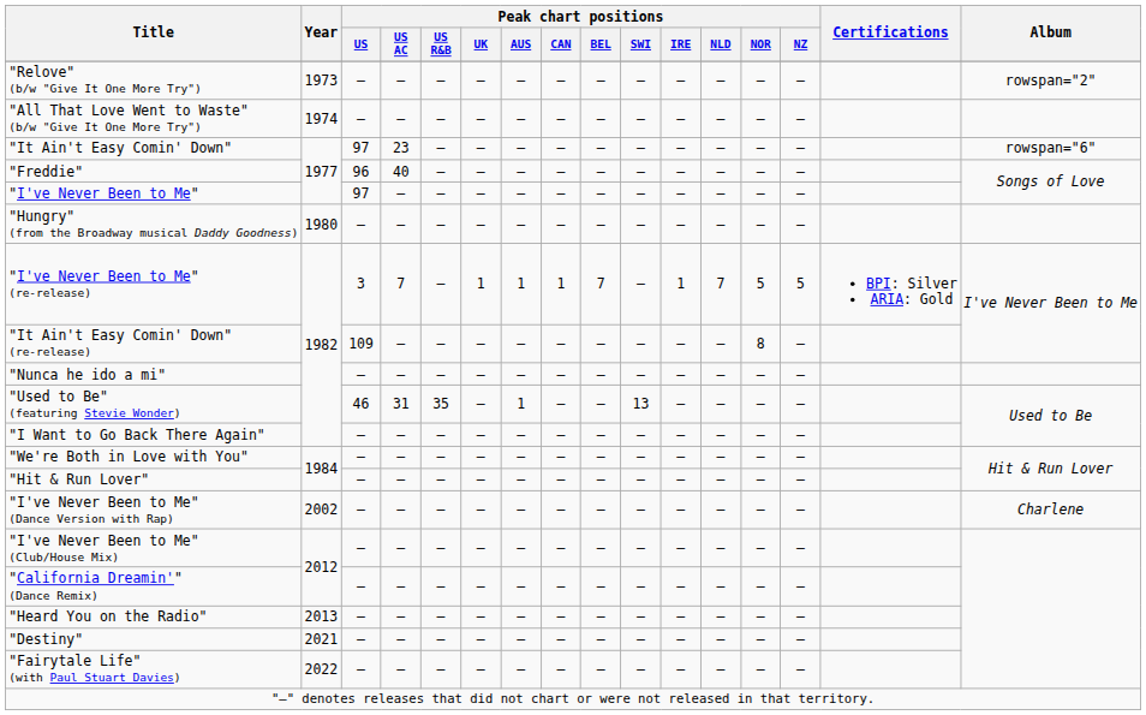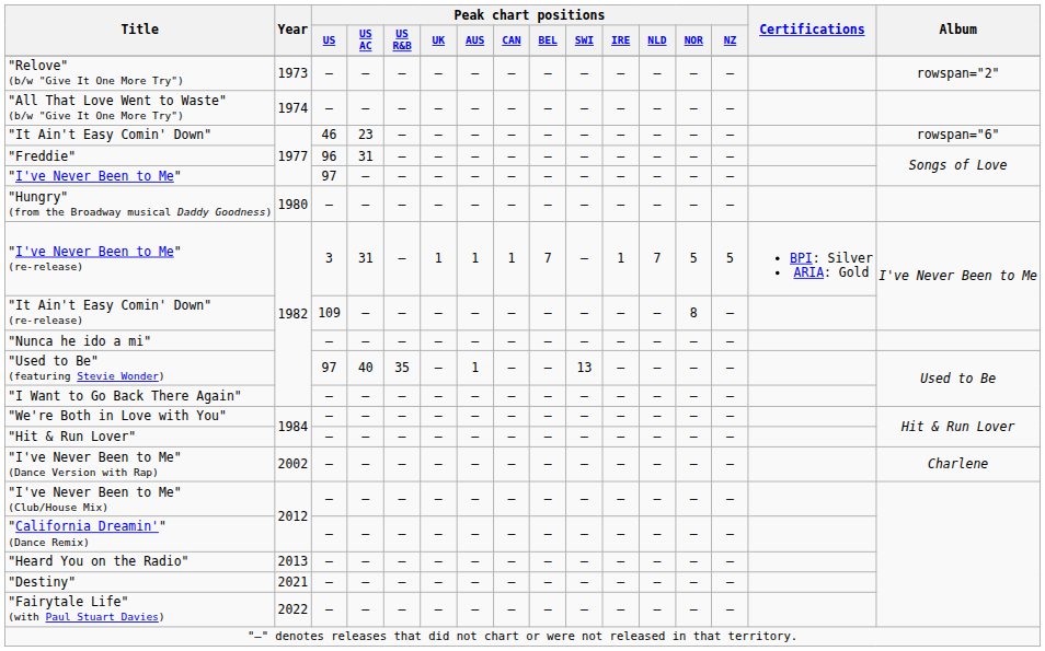 <table class="wikitable" style=text-align:center;>
 <tr>
 <th rowspan="2">Title</th>
 <th rowspan="2">Year</th>
 <th colspan="12">Peak chart positions</th>
 <th rowspan="2"><a href='#'>Certifications</a></th>
 <th rowspan="2">Album</th>
 </tr>
 <tr style="font-size:smaller;">
 <th style="width:3em;"><a href='#'>US</a><br></th>
 <th style="width:3em;"><a href='#'>US AC</a><br></th>
 <th style="width:3em;"><a href='#'>US R&B</a><br></th>
 <th style="width:3em;"><a href='#'>UK</a><br></th>
 <th style="width:3em;"><a href='#'>AUS</a><br></th>
 <th style="width:3em;"><a href='#'>CAN</a><br></th>
 <th style="width:3em;"><a href='#'>BEL</a><br></th>
 <th style="width:3em;"><a href='#'>SWI</a><br></th>
 <th style="width:3em;"><a href='#'>IRE</a><br></th>
 <th style="width:3em;"><a href='#'>NLD</a><br></th>
 <th style="width:3em;"><a href='#'>NOR</a><br></th>
 <th style="width:3em;"><a href='#'>NZ</a><br></th>
 </tr>
 <tr>
 </tr>
 <tr>
 <td align="left">"Relove"<br><small>(b/w "Give It One More Try")</small></td>
 <td>1973</td>
 <td>—</td>
 <td>—</td>
 <td>—</td>
 <td>—</td>
 <td>—</td>
 <td>—</td>
 <td>—</td>
 <td>—</td>
 <td>—</td>
 <td>—</td>
 <td>—</td>
 <td>—</td>
 <td></td>
 <td>rowspan="2" </td>
 </tr>
 <tr>
 <td align="left">"All That Love Went to Waste"<br><small>(b/w "Give It One More Try")</small></td>
 <td>1974</td>
 <td>—</td>
 <td>—</td>
 <td>—</td>
 <td>—</td>
 <td>—</td>
 <td>—</td>
 <td>—</td>
 <td>—</td>
 <td>—</td>
 <td>—</td>
 <td>—</td>
 <td>—</td>
 <td></td>
 </tr>
 <tr>
 <td align="left">"It Ain't Easy Comin' Down"</td>
 <td rowspan="3">1977</td>
-<td>97</td>
+<td>46</td>
 <td>23</td>
 <td>—</td>
 <td>—</td>
 <td>—</td>
 <td>—</td>
 <td>—</td>
 <td>—</td>
 <td>—</td>
 <td>—</td>
 <td>—</td>
 <td>—</td>
 <td></td>
 <td>rowspan="6" </td>
 </tr>
 <tr>
 <td align="left">"Freddie"</td>
 <td>96</td>
-<td>40</td>
+<td>31</td>
 <td>—</td>
 <td>—</td>
 <td>—</td>
 <td>—</td>
 <td>—</td>
 <td>—</td>
 <td>—</td>
 <td>—</td>
 <td>—</td>
 <td>—</td>
 <td></td>
 <td rowspan="2"><em>Songs of Love</em></td>
 </tr>
 <tr>
 <td align="left">"<a href='#'>I've Never Been to Me</a>"</td>
 <td>97</td>
 <td>—</td>
 <td>—</td>
 <td>—</td>
 <td>—</td>
 <td>—</td>
 <td>—</td>
 <td>—</td>
 <td>—</td>
 <td>—</td>
 <td>—</td>
 <td>—</td>
 <td></td>
 </tr>
 <tr>
 <td align="left">"Hungry"<br><small>(from the Broadway musical <em>Daddy Goodness</em>)</small></td>
 <td>1980</td>
 <td>—</td>
 <td>—</td>
 <td>—</td>
 <td>—</td>
 <td>—</td>
 <td>—</td>
 <td>—</td>
 <td>—</td>
 <td>—</td>
 <td>—</td>
 <td>—</td>
 <td>—</td>
 <td></td>
 <td></td>
 </tr>
 <tr>
 <td align="left">"<a href='#'>I've Never Been to Me</a>"<br><small>(re-release)</small></td>
 <td rowspan="5">1982</td>
 <td>3</td>
-<td>7</td>
+<td>31</td>
 <td>—</td>
 <td>1</td>
 <td>1</td>
 <td>1</td>
 <td>7</td>
 <td>—</td>
 <td>1</td>
 <td>7</td>
 <td>5</td>
 <td>5</td>
 <td><br><ul><li><a href='#'>BPI</a>: Silver</li><li><a href='#'>ARIA</a>: Gold</li></ul></td>
 <td rowspan="2"><em>I've Never Been to Me</em></td>
 </tr>
 <tr>
 <td align="left">"It Ain't Easy Comin' Down"<br><small>(re-release)</small></td>
 <td>109</td>
 <td>—</td>
 <td>—</td>
 <td>—</td>
 <td>—</td>
 <td>—</td>
 <td>—</td>
 <td>—</td>
 <td>—</td>
 <td>—</td>
 <td>8</td>
 <td>—</td>
 <td></td>
 </tr>
 <tr>
 <td align="left">"Nunca he ido a mi"</td>
 <td>—</td>
 <td>—</td>
 <td>—</td>
 <td>—</td>
 <td>—</td>
 <td>—</td>
 <td>—</td>
 <td>—</td>
 <td>—</td>
 <td>—</td>
 <td>—</td>
 <td>—</td>
 <td></td>
 <td></td>
 </tr>
 <tr>
 <td align="left">"Used to Be"<br><small>(featuring <a href='#'>Stevie Wonder</a>)</small></td>
-<td>46</td>
-<td>31</td>
+<td>97</td>
+<td>40</td>
 <td>35</td>
 <td>—</td>
 <td>1</td>
 <td>—</td>
 <td>—</td>
 <td>13</td>
 <td>—</td>
 <td>—</td>
 <td>—</td>
 <td>—</td>
 <td></td>
 <td rowspan="2"><em>Used to Be</em></td>
 </tr>
 <tr>
 <td align="left">"I Want to Go Back There Again"</td>
 <td>—</td>
 <td>—</td>
 <td>—</td>
 <td>—</td>
 <td>—</td>
 <td>—</td>
 <td>—</td>
 <td>—</td>
 <td>—</td>
 <td>—</td>
 <td>—</td>
 <td>—</td>
 <td></td>
 </tr>
 <tr>
 <td align="left">"We're Both in Love with You"</td>
 <td rowspan="2">1984</td>
 <td>—</td>
 <td>—</td>
 <td>—</td>
 <td>—</td>
 <td>—</td>
 <td>—</td>
 <td>—</td>
 <td>—</td>
 <td>—</td>
 <td>—</td>
 <td>—</td>
 <td>—</td>
 <td></td>
 <td rowspan="2"><em>Hit & Run Lover</em></td>
 </tr>
 <tr>
 <td align="left">"Hit & Run Lover"</td>
 <td>—</td>
 <td>—</td>
 <td>—</td>
 <td>—</td>
 <td>—</td>
 <td>—</td>
 <td>—</td>
 <td>—</td>
 <td>—</td>
 <td>—</td>
 <td>—</td>
 <td>—</td>
 <td></td>
 </tr>
 <tr>
 <td align="left">"I've Never Been to Me"<br><small>(Dance Version with Rap)</small></td>
 <td>2002</td>
 <td>—</td>
 <td>—</td>
 <td>—</td>
 <td>—</td>
 <td>—</td>
 <td>—</td>
 <td>—</td>
 <td>—</td>
 <td>—</td>
 <td>—</td>
 <td>—</td>
 <td>—</td>
 <td></td>
 <td><em>Charlene</em></td>
 </tr>
 <tr>
 <td align="left">"I've Never Been to Me"<br><small>(Club/House Mix)</small></td>
 <td rowspan="2">2012</td>
 <td>—</td>
 <td>—</td>
 <td>—</td>
 <td>—</td>
 <td>—</td>
 <td>—</td>
 <td>—</td>
 <td>—</td>
 <td>—</td>
 <td>—</td>
 <td>—</td>
 <td>—</td>
 <td></td>
 </tr>
 <tr>
 <td align="left">"<a href='#'>California Dreamin'</a>"<br><small>(Dance Remix)</small></td>
 <td>—</td>
 <td>—</td>
 <td>—</td>
 <td>—</td>
 <td>—</td>
 <td>—</td>
 <td>—</td>
 <td>—</td>
 <td>—</td>
 <td>—</td>
 <td>—</td>
 <td>—</td>
 <td></td>
 </tr>
 <tr>
 <td align="left">"Heard You on the Radio"</td>
 <td>2013</td>
 <td>—</td>
 <td>—</td>
 <td>—</td>
 <td>—</td>
 <td>—</td>
 <td>—</td>
 <td>—</td>
 <td>—</td>
 <td>—</td>
 <td>—</td>
 <td>—</td>
 <td>—</td>
 <td></td>
 </tr>
 <tr>
 <td align="left">"Destiny"</td>
 <td>2021</td>
 <td>—</td>
 <td>—</td>
 <td>—</td>
 <td>—</td>
 <td>—</td>
 <td>—</td>
 <td>—</td>
 <td>—</td>
 <td>—</td>
 <td>—</td>
 <td>—</td>
 <td>—</td>
 <td></td>
 </tr>
 <tr>
 <td align="left">"Fairytale Life" <br><small>(with <a href='#'>Paul Stuart Davies</a>)</small></td>
 <td>2022</td>
 <td>—</td>
 <td>—</td>
 <td>—</td>
 <td>—</td>
 <td>—</td>
 <td>—</td>
 <td>—</td>
 <td>—</td>
 <td>—</td>
 <td>—</td>
 <td>—</td>
 <td>—</td>
 <td></td>
 </tr>
 <tr>
 <td colspan="17" style="text-align:center; font-size:9pt;">"—" denotes releases that did not chart or were not released in that territory.</td>
 </tr>
 </table>
